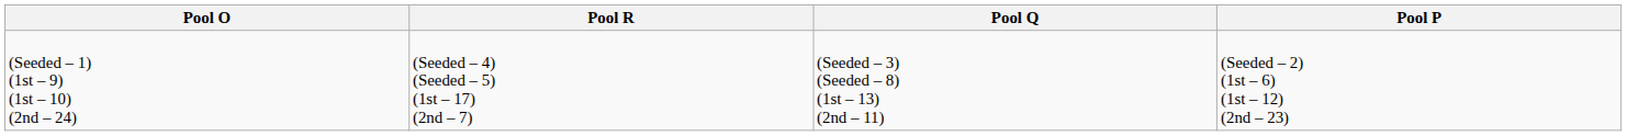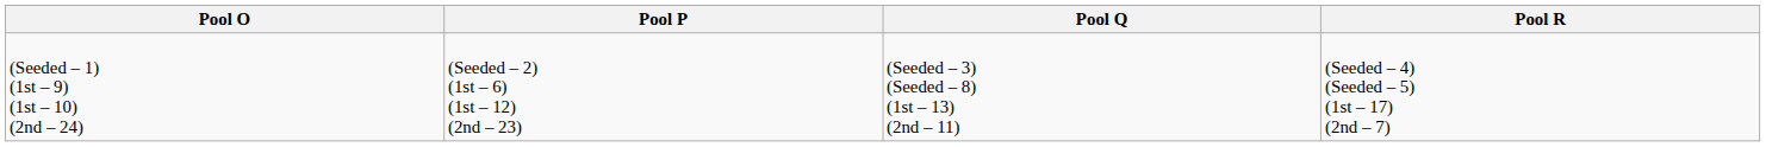 <table class="wikitable" width=100%>
 <tr>
 <th width=25%>Pool O</th>
+<th width=25%>Pool P</th>
+<th width=25%>Pool Q</th>
 <th width=25%>Pool R</th>
-<th width=25%>Pool Q</th>
-<th width=25%>Pool P</th>
 </tr>
 <tr>
 <td><br> (Seeded – 1)<br>  (1st – 9)<br>  (1st – 10)<br>  (2nd – 24)</td>
+<td><br> (Seeded – 2)<br>  (1st – 6)<br>  (1st – 12)<br>  (2nd – 23)</td>
+<td><br> (Seeded – 3)<br>  (Seeded – 8)<br>  (1st – 13)<br>  (2nd – 11)</td>
 <td><br> (Seeded – 4)<br>  (Seeded – 5)<br>  (1st – 17)<br>  (2nd – 7)</td>
-<td><br> (Seeded – 3)<br>  (Seeded – 8)<br>  (1st – 13)<br>  (2nd – 11)</td>
-<td><br> (Seeded – 2)<br>  (1st – 6)<br>  (1st – 12)<br>  (2nd – 23)</td>
 </tr>
 </table>
